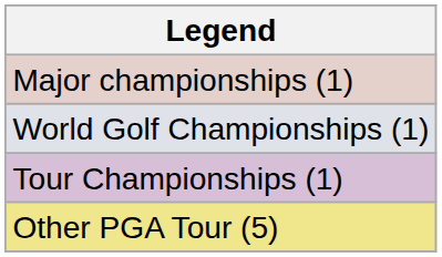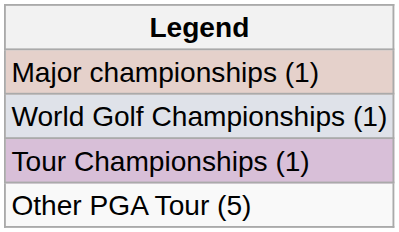 <table class="wikitable" style="font-size:95%;">
 <tr>
 <th>Legend</th>
 </tr>
 <tr style="background:#e5d1cb;">
 <td>Major championships (1)</td>
 </tr>
 <tr style="background:#dfe2e9;">
 <td>World Golf Championships (1)</td>
 </tr>
 <tr style="background:thistle;">
 <td>Tour Championships (1)</td>
 </tr>
 <tr>
-<td style="background: khaki;">Other PGA Tour (5)</td>
+<td>Other PGA Tour (5)</td>
 </tr>
 </table>
